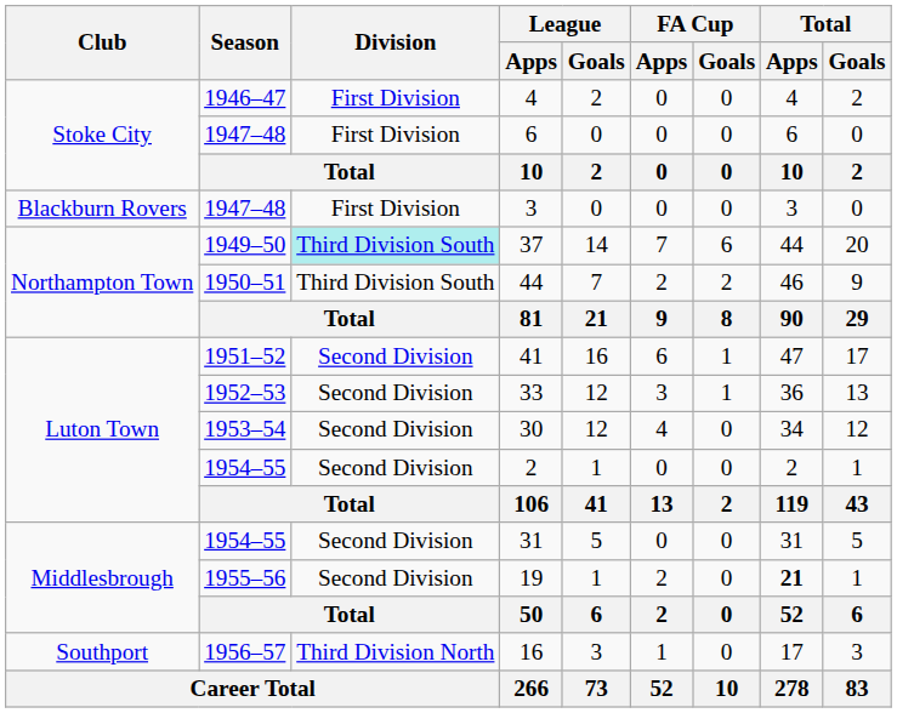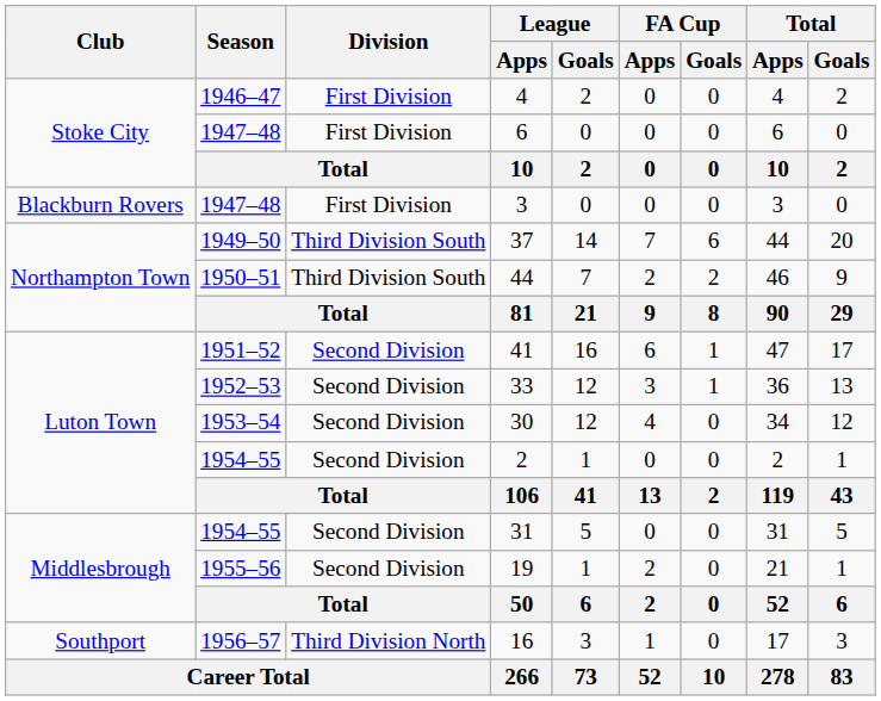 <table class="wikitable" style="text-align: center;">
 <tr>
 <th rowspan="2">Club</th>
 <th rowspan="2">Season</th>
 <th rowspan="2">Division</th>
 <th colspan="2">League</th>
 <th colspan="2">FA Cup</th>
 <th colspan="2">Total</th>
 </tr>
 <tr>
 <th>Apps</th>
 <th>Goals</th>
 <th>Apps</th>
 <th>Goals</th>
 <th>Apps</th>
 <th>Goals</th>
 </tr>
 <tr>
 <td rowspan=3><a href='#'>Stoke City</a></td>
 <td><a href='#'>1946–47</a></td>
 <td><a href='#'>First Division</a></td>
 <td>4</td>
 <td>2</td>
 <td>0</td>
 <td>0</td>
 <td>4</td>
 <td>2</td>
 </tr>
 <tr>
 <td><a href='#'>1947–48</a></td>
 <td>First Division</td>
 <td>6</td>
 <td>0</td>
 <td>0</td>
 <td>0</td>
 <td>6</td>
 <td>0</td>
 </tr>
 <tr>
 <th colspan=2>Total</th>
 <th>10</th>
 <th>2</th>
 <th>0</th>
 <th>0</th>
 <th>10</th>
 <th>2</th>
 </tr>
 <tr>
 <td><a href='#'>Blackburn Rovers</a></td>
 <td><a href='#'>1947–48</a></td>
 <td>First Division</td>
 <td>3</td>
 <td>0</td>
 <td>0</td>
 <td>0</td>
 <td>3</td>
 <td>0</td>
 </tr>
 <tr>
 <td rowspan=3><a href='#'>Northampton Town</a></td>
 <td><a href='#'>1949–50</a></td>
-<td style="background: paleturquoise;"><a href='#'>Third Division South</a></td>
+<td><a href='#'>Third Division South</a></td>
 <td>37</td>
 <td>14</td>
 <td>7</td>
 <td>6</td>
 <td>44</td>
 <td>20</td>
 </tr>
 <tr>
 <td><a href='#'>1950–51</a></td>
 <td>Third Division South</td>
 <td>44</td>
 <td>7</td>
 <td>2</td>
 <td>2</td>
 <td>46</td>
 <td>9</td>
 </tr>
 <tr>
 <th colspan=2>Total</th>
 <th>81</th>
 <th>21</th>
 <th>9</th>
 <th>8</th>
 <th>90</th>
 <th>29</th>
 </tr>
 <tr>
 <td rowspan=5><a href='#'>Luton Town</a></td>
 <td><a href='#'>1951–52</a></td>
 <td><a href='#'>Second Division</a></td>
 <td>41</td>
 <td>16</td>
 <td>6</td>
 <td>1</td>
 <td>47</td>
 <td>17</td>
 </tr>
 <tr>
 <td><a href='#'>1952–53</a></td>
 <td>Second Division</td>
 <td>33</td>
 <td>12</td>
 <td>3</td>
 <td>1</td>
 <td>36</td>
 <td>13</td>
 </tr>
 <tr>
 <td><a href='#'>1953–54</a></td>
 <td>Second Division</td>
 <td>30</td>
 <td>12</td>
 <td>4</td>
 <td>0</td>
 <td>34</td>
 <td>12</td>
 </tr>
 <tr>
 <td><a href='#'>1954–55</a></td>
 <td>Second Division</td>
 <td>2</td>
 <td>1</td>
 <td>0</td>
 <td>0</td>
 <td>2</td>
 <td>1</td>
 </tr>
 <tr>
 <th colspan=2>Total</th>
 <th>106</th>
 <th>41</th>
 <th>13</th>
 <th>2</th>
 <th>119</th>
 <th>43</th>
 </tr>
 <tr>
 <td rowspan=3><a href='#'>Middlesbrough</a></td>
 <td><a href='#'>1954–55</a></td>
 <td>Second Division</td>
 <td>31</td>
 <td>5</td>
 <td>0</td>
 <td>0</td>
 <td>31</td>
 <td>5</td>
 </tr>
 <tr>
 <td><a href='#'>1955–56</a></td>
 <td>Second Division</td>
 <td>19</td>
 <td>1</td>
 <td>2</td>
 <td>0</td>
-<td><strong>21</strong></td>
+<td>21</td>
 <td>1</td>
 </tr>
 <tr>
 <th colspan=2>Total</th>
 <th>50</th>
 <th>6</th>
 <th>2</th>
 <th>0</th>
 <th>52</th>
 <th>6</th>
 </tr>
 <tr>
 <td><a href='#'>Southport</a></td>
 <td><a href='#'>1956–57</a></td>
 <td><a href='#'>Third Division North</a></td>
 <td>16</td>
 <td>3</td>
 <td>1</td>
 <td>0</td>
 <td>17</td>
 <td>3</td>
 </tr>
 <tr>
 <th colspan="3">Career Total</th>
 <th>266</th>
 <th>73</th>
 <th>52</th>
 <th>10</th>
 <th>278</th>
 <th>83</th>
 </tr>
 </table>
